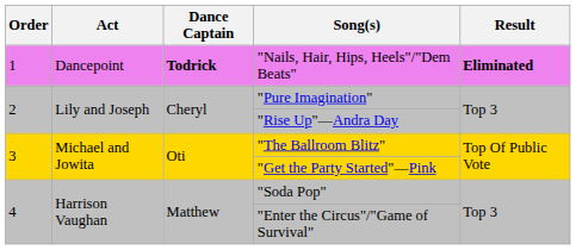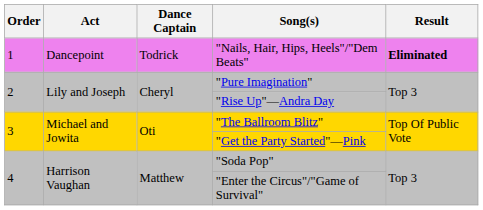 <table class="wikitable">
 <tr>
 <th>Order</th>
 <th>Act</th>
 <th>Dance Captain</th>
 <th>Song(s)</th>
 <th>Result</th>
 </tr>
 <tr style="background:violet;">
 <td>1</td>
 <td>Dancepoint</td>
-<td><strong>Todrick</strong></td>
+<td>Todrick</td>
 <td>"Nails, Hair, Hips, Heels"/"Dem Beats"</td>
 <td><strong>Eliminated</strong></td>
 </tr>
 <tr style="background:silver;">
 <td rowspan=2>2</td>
 <td rowspan=2>Lily and Joseph</td>
 <td rowspan=2>Cheryl</td>
 <td>"<a href='#'>Pure Imagination</a>"</td>
 <td rowspan=2>Top 3</td>
 </tr>
 <tr style="background:silver;">
 <td>"<a href='#'>Rise Up</a>"—<a href='#'>Andra Day</a></td>
 </tr>
 <tr style="background:gold;">
 <td rowspan=2>3</td>
 <td rowspan=2>Michael and Jowita</td>
 <td rowspan=2>Oti</td>
 <td>"<a href='#'>The Ballroom Blitz</a>"</td>
 <td rowspan=2>Top Of Public Vote</td>
 </tr>
 <tr style="background:gold;">
 <td>"<a href='#'>Get the Party Started</a>"—<a href='#'>Pink</a></td>
 </tr>
 <tr style="background:silver;">
 <td rowspan=2>4</td>
 <td rowspan=2>Harrison Vaughan</td>
 <td rowspan=2>Matthew</td>
 <td>"Soda Pop"</td>
 <td rowspan=2>Top 3</td>
 </tr>
 <tr style="background:silver;">
 <td>"Enter the Circus"/"Game of Survival"</td>
 </tr>
 </table>
